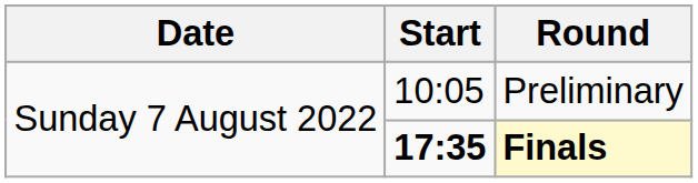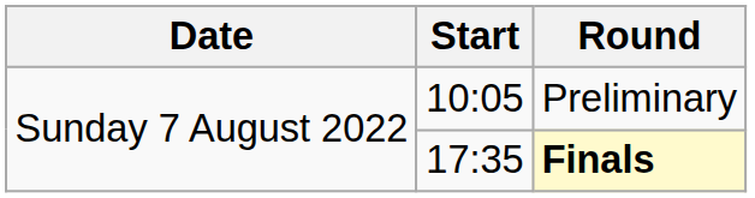 <table class=wikitable>
 <tr>
 <th>Date</th>
 <th>Start</th>
 <th>Round</th>
 </tr>
 <tr>
 <td rowspan=2>Sunday 7 August 2022</td>
 <td>10:05</td>
 <td>Preliminary</td>
 </tr>
 <tr>
-<td><strong>17:35</strong></td>
+<td>17:35</td>
 <td style=background:lemonchiffon><strong>Finals</strong></td>
 </tr>
 </table>
